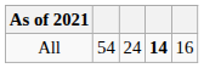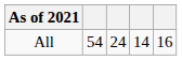 <table class="wikitable">
 <tr align=center>
 </tr>
 <tr>
 <th>As of 2021</th>
 <th></th>
 <th></th>
 <th></th>
 <th></th>
 </tr>
 <tr align="center">
 <td>All</td>
 <td>54</td>
 <td>24</td>
-<td><strong>14</strong></td>
+<td>14</td>
 <td>16</td>
 </tr>
 </table>
